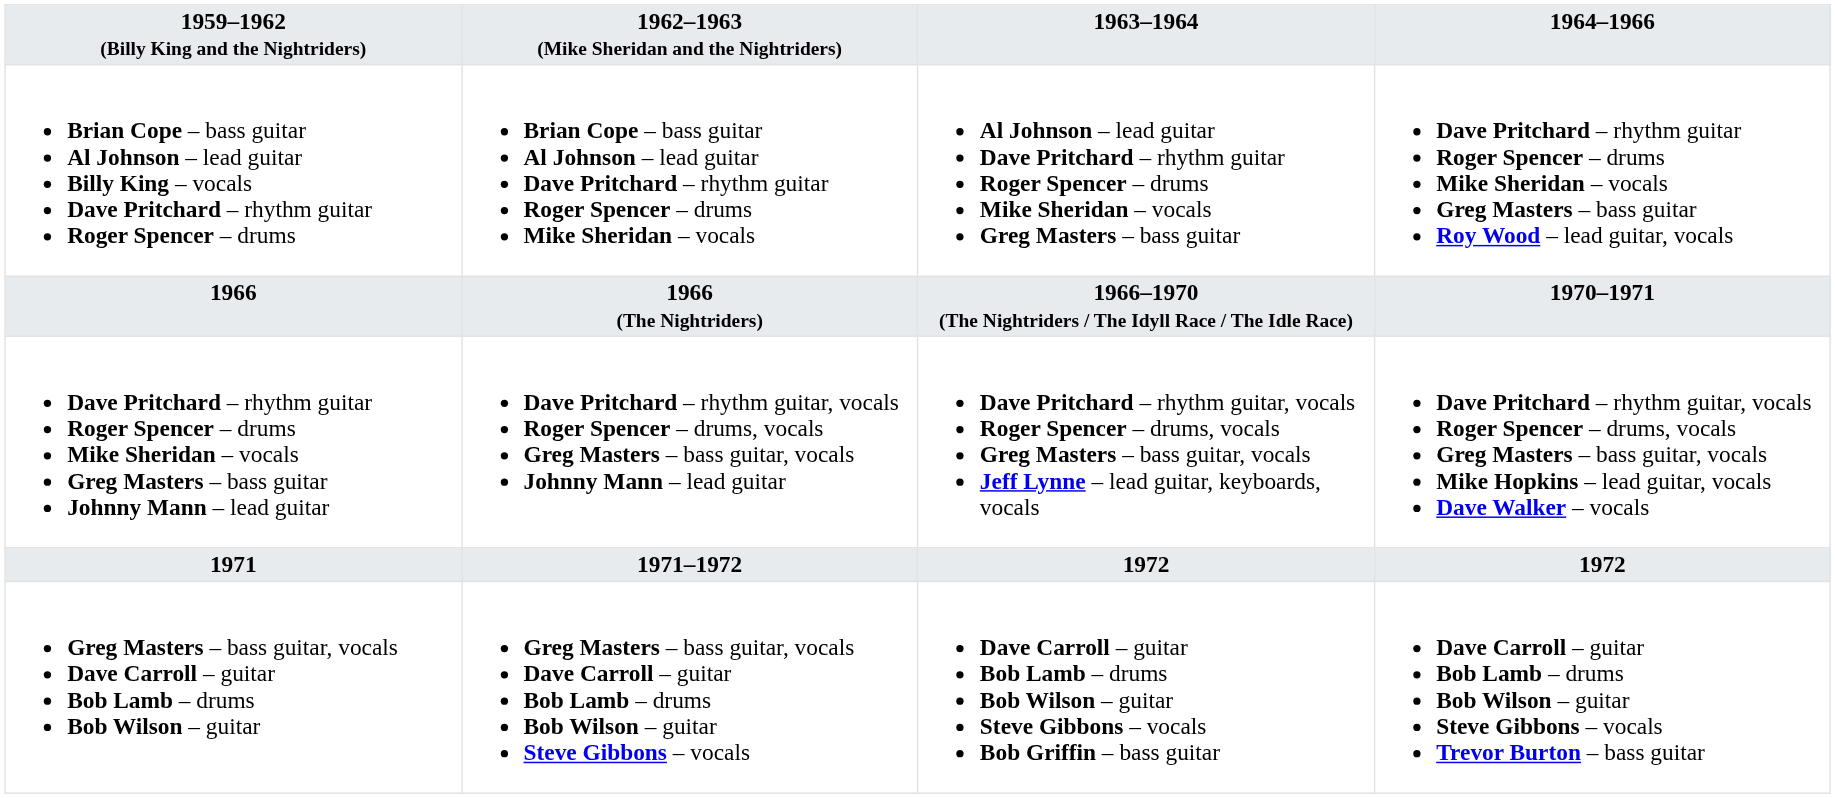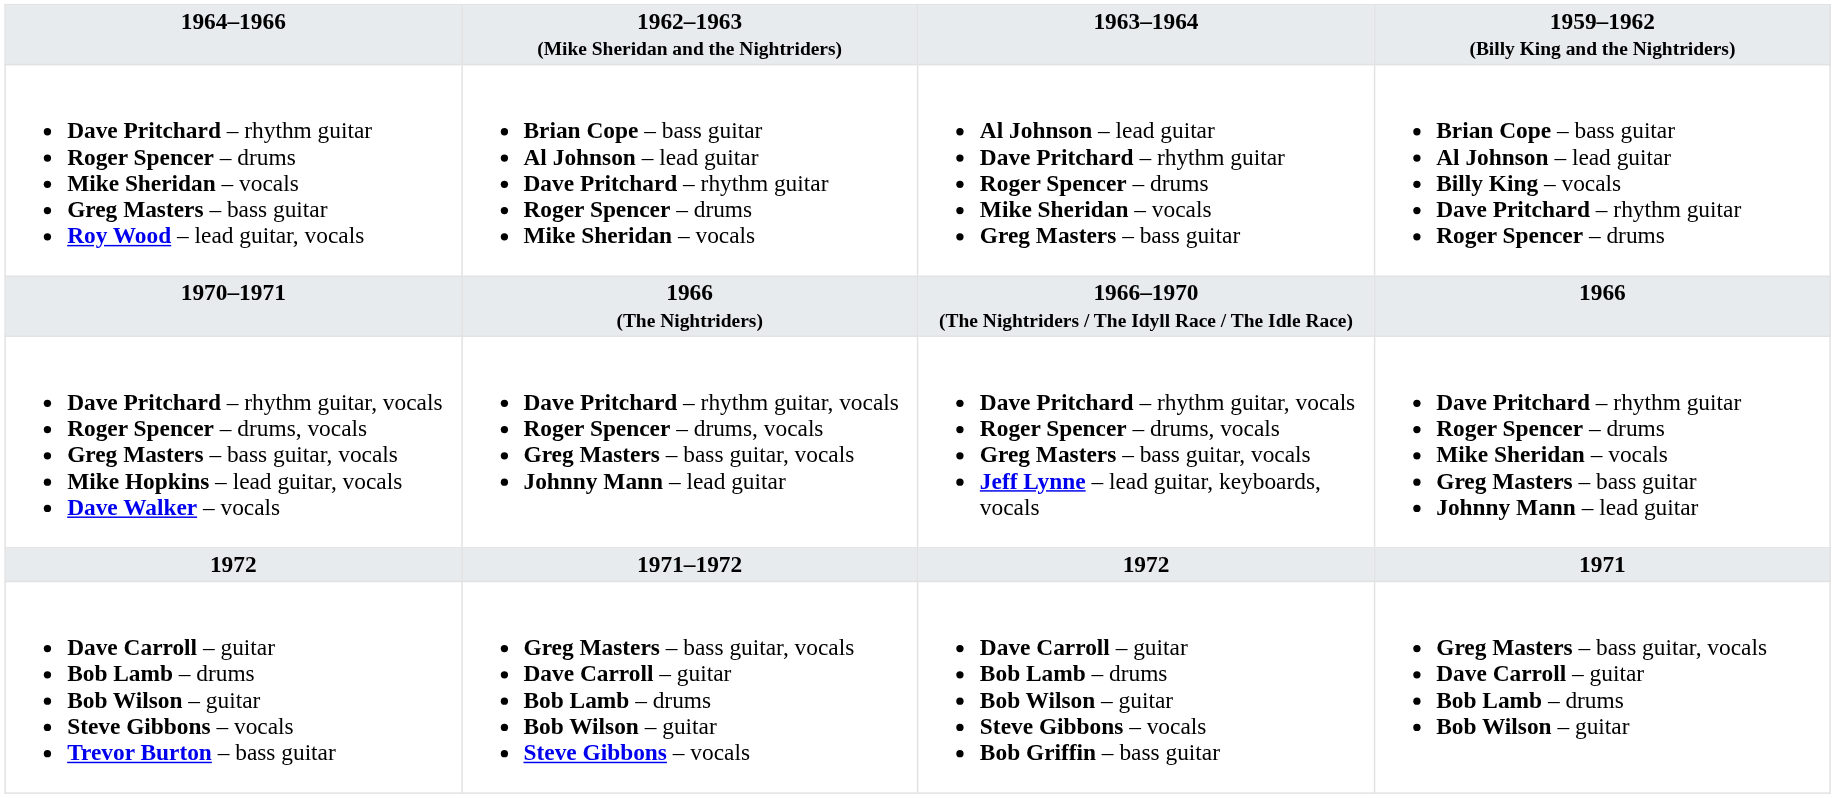 <table class="toccolours" border=1 cellpadding=2 cellspacing=0 style="float: width: 375px; margin: 0 0 1em 1em; border-collapse: collapse; border: 1px solid #E2E2E2;" width=99%>
 <tr>
-<th bgcolor="#E7EBEE" valign=top width=25%>1959–1962<br><small>(Billy King and the Nightriders)</small></th>
+<th bgcolor="#E7EBEE" valign=top width=25%>1964–1966</th>
 <th bgcolor="#E7EBEE" valign=top width=25%>1962–1963<br><small>(Mike Sheridan and the Nightriders)</small></th>
 <th bgcolor="#E7EBEE" valign=top width=25%>1963–1964</th>
-<th bgcolor="#E7EBEE" valign=top width=25%>1964–1966</th>
+<th bgcolor="#E7EBEE" valign=top width=25%>1959–1962<br><small>(Billy King and the Nightriders)</small></th>
 </tr>
 <tr>
-<td valign=top><br><ul><li><strong>Brian Cope</strong> – bass guitar</li><li><strong>Al Johnson</strong> – lead guitar</li><li><strong>Billy King</strong> – vocals</li><li><strong>Dave Pritchard</strong> – rhythm guitar</li><li><strong>Roger Spencer</strong> – drums</li></ul></td>
+<td valign=top><br><ul><li><strong>Dave Pritchard</strong> – rhythm guitar</li><li><strong>Roger Spencer</strong> – drums</li><li><strong>Mike Sheridan</strong> – vocals</li><li><strong>Greg Masters</strong> – bass guitar</li><li><strong><a href='#'>Roy Wood</a></strong> – lead guitar, vocals</li></ul></td>
 <td valign=top><br><ul><li><strong>Brian Cope</strong> – bass guitar</li><li><strong>Al Johnson</strong> – lead guitar</li><li><strong>Dave Pritchard</strong> – rhythm guitar</li><li><strong>Roger Spencer</strong> – drums</li><li><strong>Mike Sheridan</strong> – vocals</li></ul></td>
 <td valign=top><br><ul><li><strong>Al Johnson</strong> – lead guitar</li><li><strong>Dave Pritchard</strong> – rhythm guitar</li><li><strong>Roger Spencer</strong> – drums</li><li><strong>Mike Sheridan</strong> – vocals</li><li><strong>Greg Masters</strong> – bass guitar</li></ul></td>
-<td valign=top><br><ul><li><strong>Dave Pritchard</strong> – rhythm guitar</li><li><strong>Roger Spencer</strong> – drums</li><li><strong>Mike Sheridan</strong> – vocals</li><li><strong>Greg Masters</strong> – bass guitar</li><li><strong><a href='#'>Roy Wood</a></strong> – lead guitar, vocals</li></ul></td>
+<td valign=top><br><ul><li><strong>Brian Cope</strong> – bass guitar</li><li><strong>Al Johnson</strong> – lead guitar</li><li><strong>Billy King</strong> – vocals</li><li><strong>Dave Pritchard</strong> – rhythm guitar</li><li><strong>Roger Spencer</strong> – drums</li></ul></td>
 </tr>
 <tr>
-<th bgcolor="#E7EBEE" valign=top width=25%>1966</th>
+<th bgcolor="#E7EBEE" valign=top width=25%>1970–1971</th>
 <th bgcolor="#E7EBEE" valign=top width=25%>1966<br><small>(The Nightriders)</small></th>
 <th bgcolor="#E7EBEE" valign=top width=25%>1966–1970<br><small>(The Nightriders / The Idyll Race / The Idle Race)</small></th>
-<th bgcolor="#E7EBEE" valign=top width=25%>1970–1971</th>
+<th bgcolor="#E7EBEE" valign=top width=25%>1966</th>
 </tr>
 <tr>
-<td valign=top><br><ul><li><strong>Dave Pritchard</strong> – rhythm guitar</li><li><strong>Roger Spencer</strong> – drums</li><li><strong>Mike Sheridan</strong> – vocals</li><li><strong>Greg Masters</strong> – bass guitar</li><li><strong>Johnny Mann</strong> – lead guitar</li></ul></td>
+<td valign=top><br><ul><li><strong>Dave Pritchard</strong> – rhythm guitar, vocals</li><li><strong>Roger Spencer</strong> – drums, vocals</li><li><strong>Greg Masters</strong> – bass guitar, vocals</li><li><strong>Mike Hopkins</strong> – lead guitar, vocals</li><li><strong><a href='#'>Dave Walker</a></strong> – vocals</li></ul></td>
 <td valign=top><br><ul><li><strong>Dave Pritchard</strong> – rhythm guitar, vocals</li><li><strong>Roger Spencer</strong> – drums, vocals</li><li><strong>Greg Masters</strong> – bass guitar, vocals</li><li><strong>Johnny Mann</strong> – lead guitar</li></ul></td>
 <td valign=top><br><ul><li><strong>Dave Pritchard</strong> – rhythm guitar, vocals</li><li><strong>Roger Spencer</strong> – drums, vocals</li><li><strong>Greg Masters</strong> – bass guitar, vocals</li><li><strong><a href='#'>Jeff Lynne</a></strong> – lead guitar, keyboards, vocals</li></ul></td>
-<td valign=top><br><ul><li><strong>Dave Pritchard</strong> – rhythm guitar, vocals</li><li><strong>Roger Spencer</strong> – drums, vocals</li><li><strong>Greg Masters</strong> – bass guitar, vocals</li><li><strong>Mike Hopkins</strong> – lead guitar, vocals</li><li><strong><a href='#'>Dave Walker</a></strong> – vocals</li></ul></td>
+<td valign=top><br><ul><li><strong>Dave Pritchard</strong> – rhythm guitar</li><li><strong>Roger Spencer</strong> – drums</li><li><strong>Mike Sheridan</strong> – vocals</li><li><strong>Greg Masters</strong> – bass guitar</li><li><strong>Johnny Mann</strong> – lead guitar</li></ul></td>
 </tr>
 <tr>
-<th bgcolor="#E7EBEE" valign=top width=25%>1971</th>
+<th bgcolor="#E7EBEE" valign=top width=25%>1972</th>
 <th bgcolor="#E7EBEE" valign=top width=25%>1971–1972</th>
 <th bgcolor="#E7EBEE" valign=top width=25%>1972</th>
-<th bgcolor="#E7EBEE" valign=top width=25%>1972</th>
+<th bgcolor="#E7EBEE" valign=top width=25%>1971</th>
 </tr>
 <tr>
-<td valign=top><br><ul><li><strong>Greg Masters</strong> – bass guitar, vocals</li><li><strong>Dave Carroll</strong> – guitar</li><li><strong>Bob Lamb</strong> – drums</li><li><strong>Bob Wilson</strong> – guitar</li></ul></td>
+<td valign=top><br><ul><li><strong>Dave Carroll</strong> – guitar</li><li><strong>Bob Lamb</strong> – drums</li><li><strong>Bob Wilson</strong> – guitar</li><li><strong>Steve Gibbons</strong> – vocals</li><li><strong><a href='#'>Trevor Burton</a></strong> – bass guitar</li></ul></td>
 <td valign=top><br><ul><li><strong>Greg Masters</strong> – bass guitar, vocals</li><li><strong>Dave Carroll</strong> – guitar</li><li><strong>Bob Lamb</strong> – drums</li><li><strong>Bob Wilson</strong> – guitar</li><li><strong><a href='#'>Steve Gibbons</a></strong> – vocals</li></ul></td>
 <td valign=top><br><ul><li><strong>Dave Carroll</strong> – guitar</li><li><strong>Bob Lamb</strong> – drums</li><li><strong>Bob Wilson</strong> – guitar</li><li><strong>Steve Gibbons</strong> – vocals</li><li><strong>Bob Griffin</strong> – bass guitar</li></ul></td>
-<td valign=top><br><ul><li><strong>Dave Carroll</strong> – guitar</li><li><strong>Bob Lamb</strong> – drums</li><li><strong>Bob Wilson</strong> – guitar</li><li><strong>Steve Gibbons</strong> – vocals</li><li><strong><a href='#'>Trevor Burton</a></strong> – bass guitar</li></ul></td>
+<td valign=top><br><ul><li><strong>Greg Masters</strong> – bass guitar, vocals</li><li><strong>Dave Carroll</strong> – guitar</li><li><strong>Bob Lamb</strong> – drums</li><li><strong>Bob Wilson</strong> – guitar</li></ul></td>
 </tr>
 </table>
